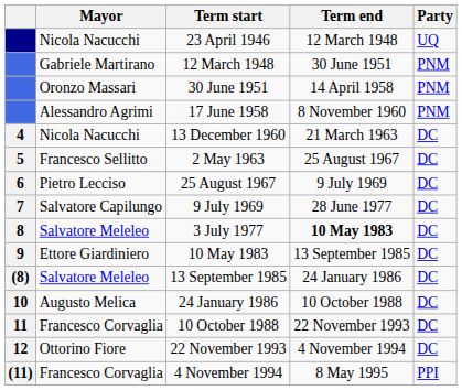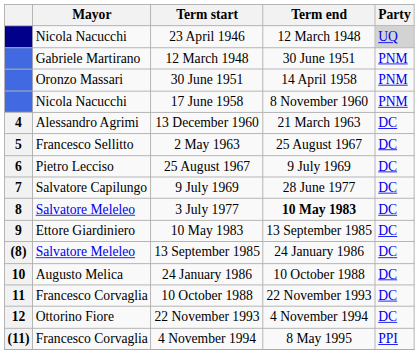 <table class="wikitable">
 <tr>
 <th class=unsortable> </th>
 <th>Mayor</th>
 <th>Term start</th>
 <th>Term end</th>
 <th>Party</th>
 </tr>
 <tr>
 <th style="background:#00008B;"></th>
 <td>Nicola Nacucchi</td>
 <td align=center>23 April 1946</td>
 <td align=center>12 March 1948</td>
-<td><a href='#'>UQ</a></td>
+<td style="background: lightgrey;"><a href='#'>UQ</a></td>
 </tr>
 <tr>
 <th style="background:#4169E1;"></th>
 <td>Gabriele Martirano</td>
 <td align=center>12 March 1948</td>
 <td align=center>30 June 1951</td>
 <td><a href='#'>PNM</a></td>
 </tr>
 <tr>
 <th style="background:#4169E1;"></th>
 <td>Oronzo Massari</td>
 <td align=center>30 June 1951</td>
 <td align=center>14 April 1958</td>
 <td><a href='#'>PNM</a></td>
 </tr>
 <tr>
 <th style="background:#4169E1;"></th>
-<td>Alessandro Agrimi</td>
+<td>Nicola Nacucchi</td>
 <td align=center>17 June 1958</td>
 <td align=center>8 November 1960</td>
 <td><a href='#'>PNM</a></td>
 </tr>
 <tr>
 <th style="background:">4</th>
-<td>Nicola Nacucchi</td>
+<td>Alessandro Agrimi</td>
 <td align=center>13 December 1960</td>
 <td align=center>21 March 1963</td>
 <td><a href='#'>DC</a></td>
 </tr>
 <tr>
 <th style="background:">5</th>
 <td>Francesco Sellitto</td>
 <td align=center>2 May 1963</td>
 <td align=center>25 August 1967</td>
 <td><a href='#'>DC</a></td>
 </tr>
 <tr>
 <th style="background:">6</th>
 <td>Pietro Lecciso</td>
 <td align=center>25 August 1967</td>
 <td align=center>9 July 1969</td>
 <td><a href='#'>DC</a></td>
 </tr>
 <tr>
 <th style="background:">7</th>
 <td>Salvatore Capilungo</td>
 <td align=center>9 July 1969</td>
 <td align=center>28 June 1977</td>
 <td><a href='#'>DC</a></td>
 </tr>
 <tr>
 <th style="background:">8</th>
 <td><a href='#'>Salvatore Meleleo</a></td>
 <td align=center>3 July 1977</td>
 <td align=center><strong>10 May 1983</strong></td>
 <td><a href='#'>DC</a></td>
 </tr>
 <tr>
 <th style="background:">9</th>
 <td>Ettore Giardiniero</td>
 <td align=center>10 May 1983</td>
 <td align=center>13 September 1985</td>
 <td><a href='#'>DC</a></td>
 </tr>
 <tr>
 <th style="background:">(8)</th>
 <td><a href='#'>Salvatore Meleleo</a></td>
 <td align=center>13 September 1985</td>
 <td align=center>24 January 1986</td>
 <td><a href='#'>DC</a></td>
 </tr>
 <tr>
 <th style="background:">10</th>
 <td>Augusto Melica</td>
 <td align=center>24 January 1986</td>
 <td align=center>10 October 1988</td>
 <td><a href='#'>DC</a></td>
 </tr>
 <tr>
 <th style="background:">11</th>
 <td>Francesco Corvaglia</td>
 <td align=center>10 October 1988</td>
 <td align=center>22 November 1993</td>
 <td><a href='#'>DC</a></td>
 </tr>
 <tr>
 <th style="background:">12</th>
 <td>Ottorino Fiore</td>
 <td align=center>22 November 1993</td>
 <td align=center>4 November 1994</td>
 <td><a href='#'>DC</a></td>
 </tr>
 <tr>
 <th style="background:">(11)</th>
 <td>Francesco Corvaglia</td>
 <td align=center>4 November 1994</td>
 <td align=center>8 May 1995</td>
 <td><a href='#'>PPI</a></td>
 </tr>
 <tr>
 </tr>
 </table>
